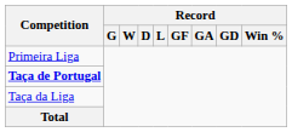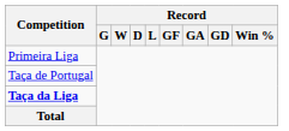 <table class="wikitable" style="text-align: center">
 <tr>
 <th rowspan="2">Competition</th>
 <th colspan="9">Record</th>
 </tr>
 <tr>
 <th>G</th>
 <th>W</th>
 <th>D</th>
 <th>L</th>
 <th>GF</th>
 <th>GA</th>
 <th>GD</th>
 <th>Win %</th>
 </tr>
 <tr>
 <td style="text-align: left"><a href='#'>Primeira Liga</a><br></td>
 </tr>
 <tr>
-<td style="text-align: left"><strong><a href='#'>Taça de Portugal</a><br></strong></td>
+<td style="text-align: left"><a href='#'>Taça de Portugal</a><br></td>
 </tr>
 <tr>
-<td style="text-align: left"><a href='#'>Taça da Liga</a><br></td>
+<td style="text-align: left"><strong><a href='#'>Taça da Liga</a><br></strong></td>
 </tr>
 <tr>
 <th>Total<br></th>
 </tr>
 </table>
